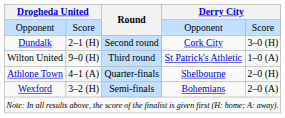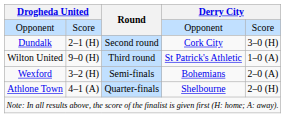 <table class="wikitable" style="text-align: center; floatleft;">
 <tr>
 <th colspan="2"><a href='#'>Drogheda United</a></th>
 <th rowspan="2">Round</th>
 <th colspan="2"><a href='#'>Derry City</a></th>
 </tr>
 <tr>
 <td style="background:#c1e0ff">Opponent</td>
 <td style="background:#c1e0ff">Score</td>
 <td style="background:#c1e0ff">Opponent</td>
 <td style="background:#c1e0ff">Score</td>
 </tr>
 <tr>
 <td><a href='#'>Dundalk</a></td>
 <td>2–1 (H)</td>
 <td style="background:#c1e0ff">Second round</td>
 <td><a href='#'>Cork City</a></td>
 <td>3–0 (H)</td>
 </tr>
 <tr>
 <td>Wilton United</td>
 <td>9–0 (H)</td>
 <td style="background:#c1e0ff">Third round</td>
 <td><a href='#'>St Patrick's Athletic</a></td>
 <td>1–0 (A)</td>
 </tr>
 <tr>
+<td><a href='#'>Wexford</a></td>
+<td>3–2 (H)</td>
+<td style="background:#c1e0ff">Semi-finals</td>
+<td><a href='#'>Bohemians</a></td>
+<td>2–0 (A)</td>
+</tr>
+<tr>
 <td><a href='#'>Athlone Town</a></td>
 <td>4–1 (A)</td>
 <td style="background:#c1e0ff">Quarter-finals</td>
 <td><a href='#'>Shelbourne</a></td>
 <td>2–0 (H)</td>
 </tr>
 <tr>
-<td><a href='#'>Wexford</a></td>
-<td>3–2 (H)</td>
-<td style="background:#c1e0ff">Semi-finals</td>
-<td><a href='#'>Bohemians</a></td>
-<td>2–0 (A)</td>
-</tr>
-<tr>
 <td colspan="5style="><small><em>Note: In all results above, the score of the finalist is given first (H: home; A: away).</em></small></td>
 </tr>
 </table>
